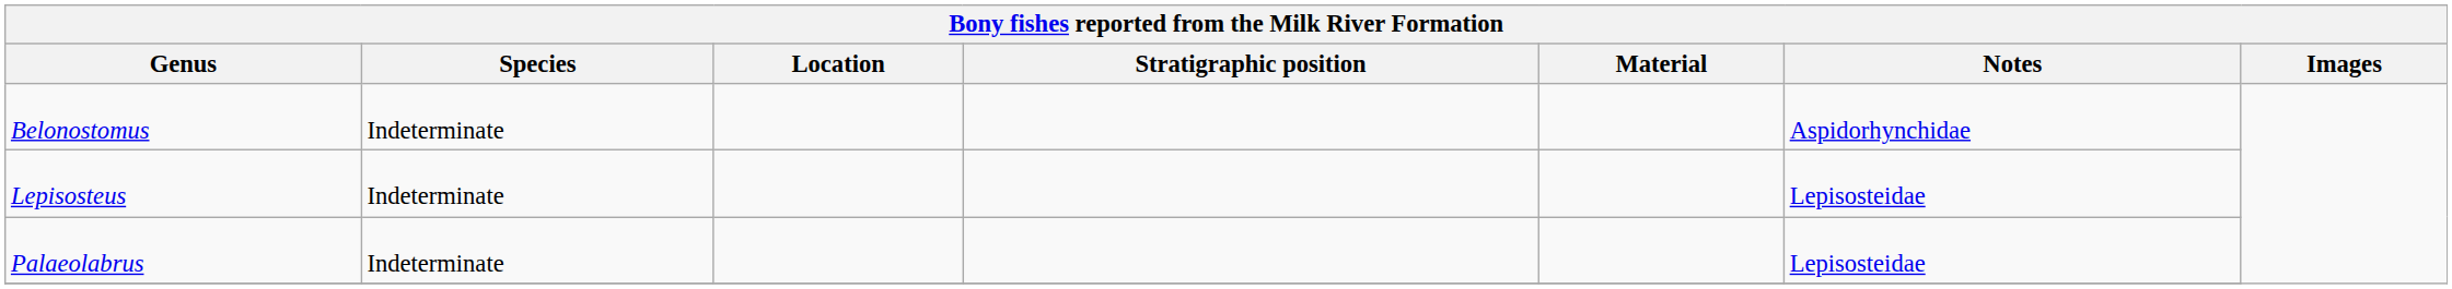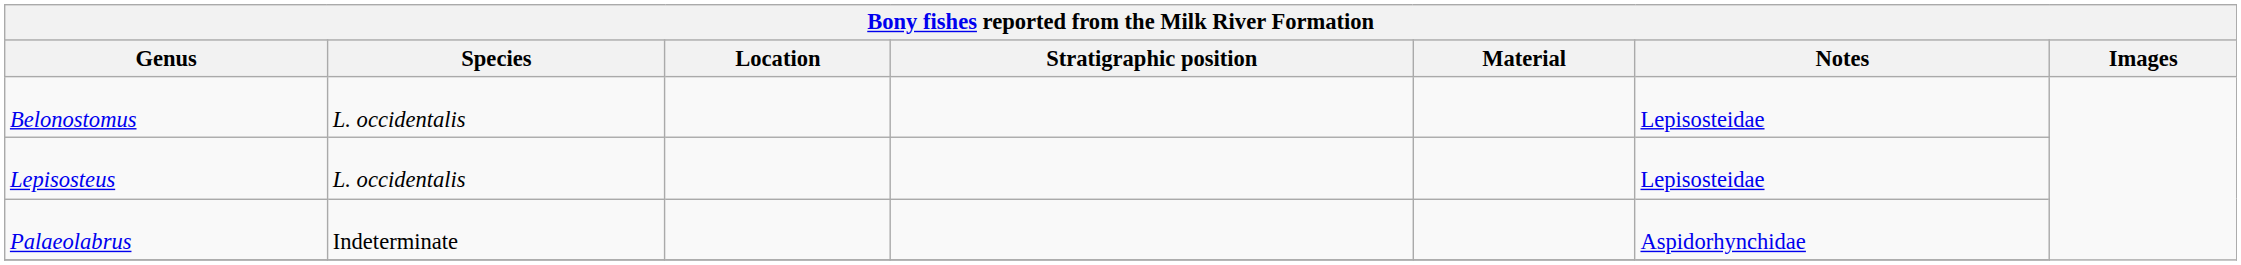 <table class="wikitable" align="center" width="100%">
 <tr>
 <th colspan="7" align="center"><strong><a href='#'>Bony fishes</a> reported from the Milk River Formation</strong></th>
 </tr>
 <tr>
 <th>Genus</th>
 <th>Species</th>
 <th>Location</th>
 <th>Stratigraphic position</th>
 <th>Material</th>
 <th>Notes</th>
 <th>Images</th>
 </tr>
 <tr>
 <td><br><em><a href='#'>Belonostomus</a></em></td>
-<td><br>Indeterminate</td>
+<td><br><em>L. occidentalis</em></td>
 <td></td>
 <td></td>
 <td></td>
-<td><br><a href='#'>Aspidorhynchidae</a></td>
+<td><br><a href='#'>Lepisosteidae</a></td>
 <td rowspan="99"><br> </td>
 </tr>
 <tr>
 <td><br><em><a href='#'>Lepisosteus</a></em></td>
-<td><br>Indeterminate</td>
+<td><br><em>L. occidentalis</em></td>
 <td></td>
 <td></td>
 <td></td>
 <td><br><a href='#'>Lepisosteidae</a></td>
 </tr>
 <tr>
 <td><br><em><a href='#'>Palaeolabrus</a></em></td>
 <td><br>Indeterminate</td>
 <td></td>
 <td></td>
 <td></td>
-<td><br><a href='#'>Lepisosteidae</a></td>
+<td><br><a href='#'>Aspidorhynchidae</a></td>
 </tr>
 <tr>
 </tr>
 </table>
